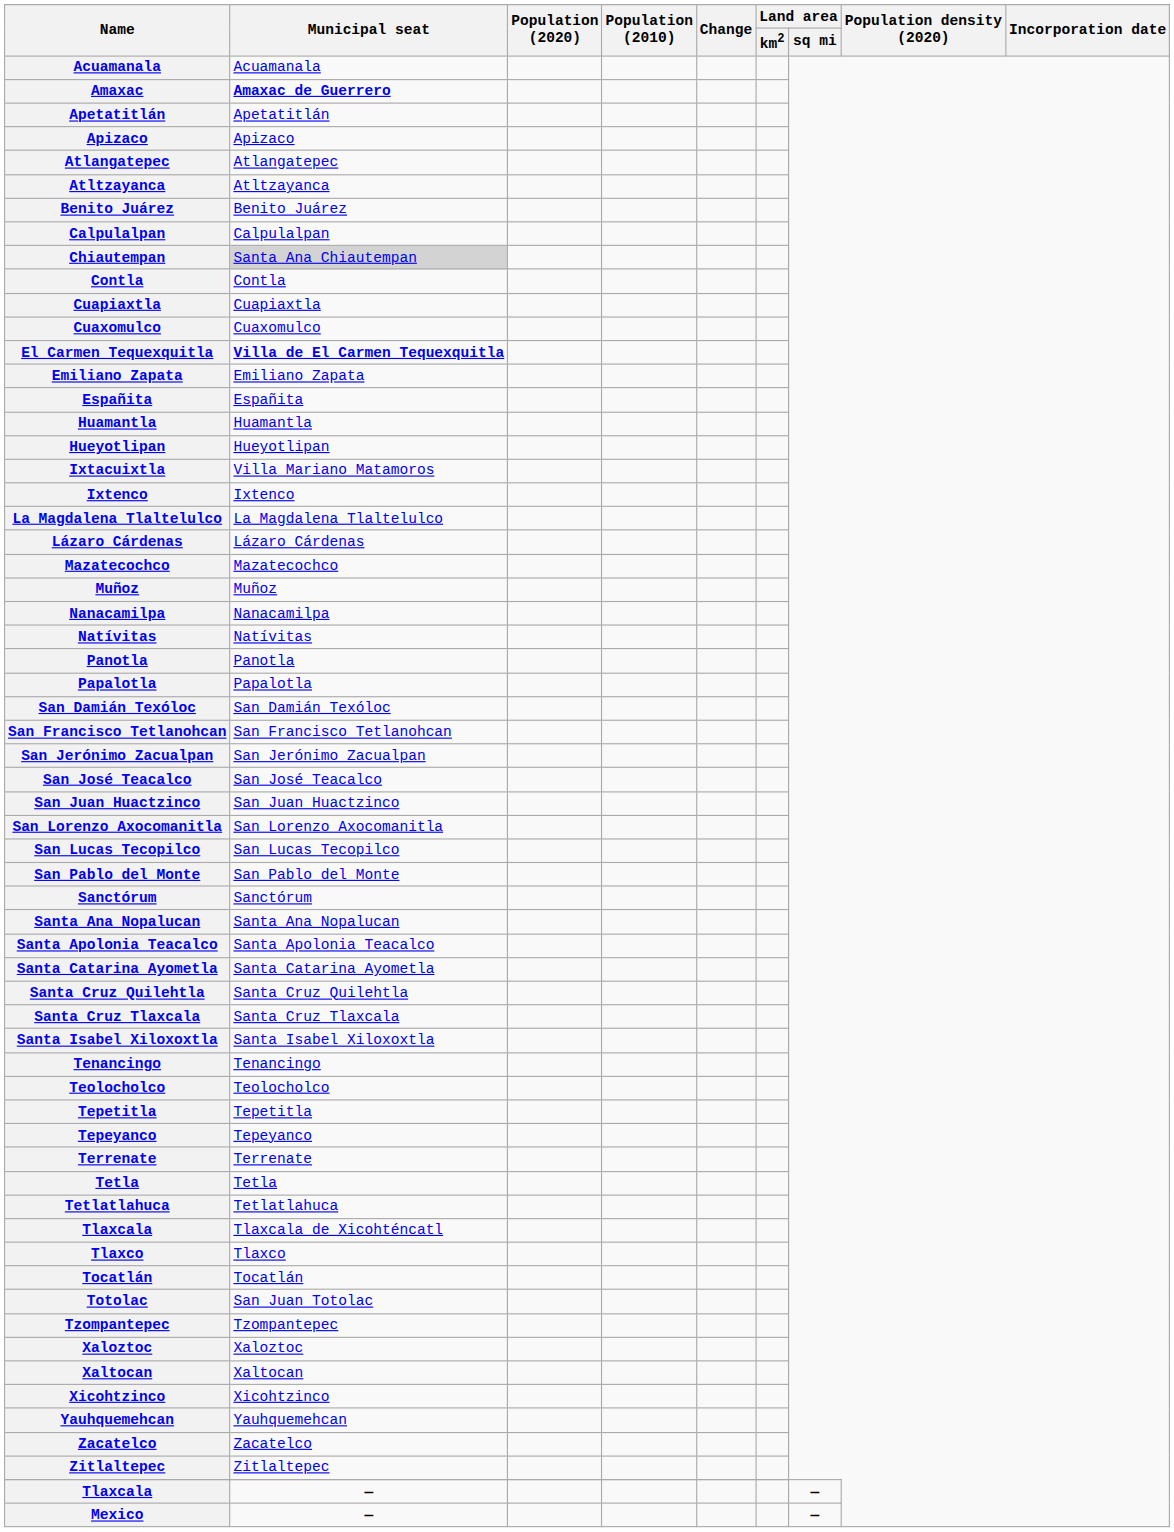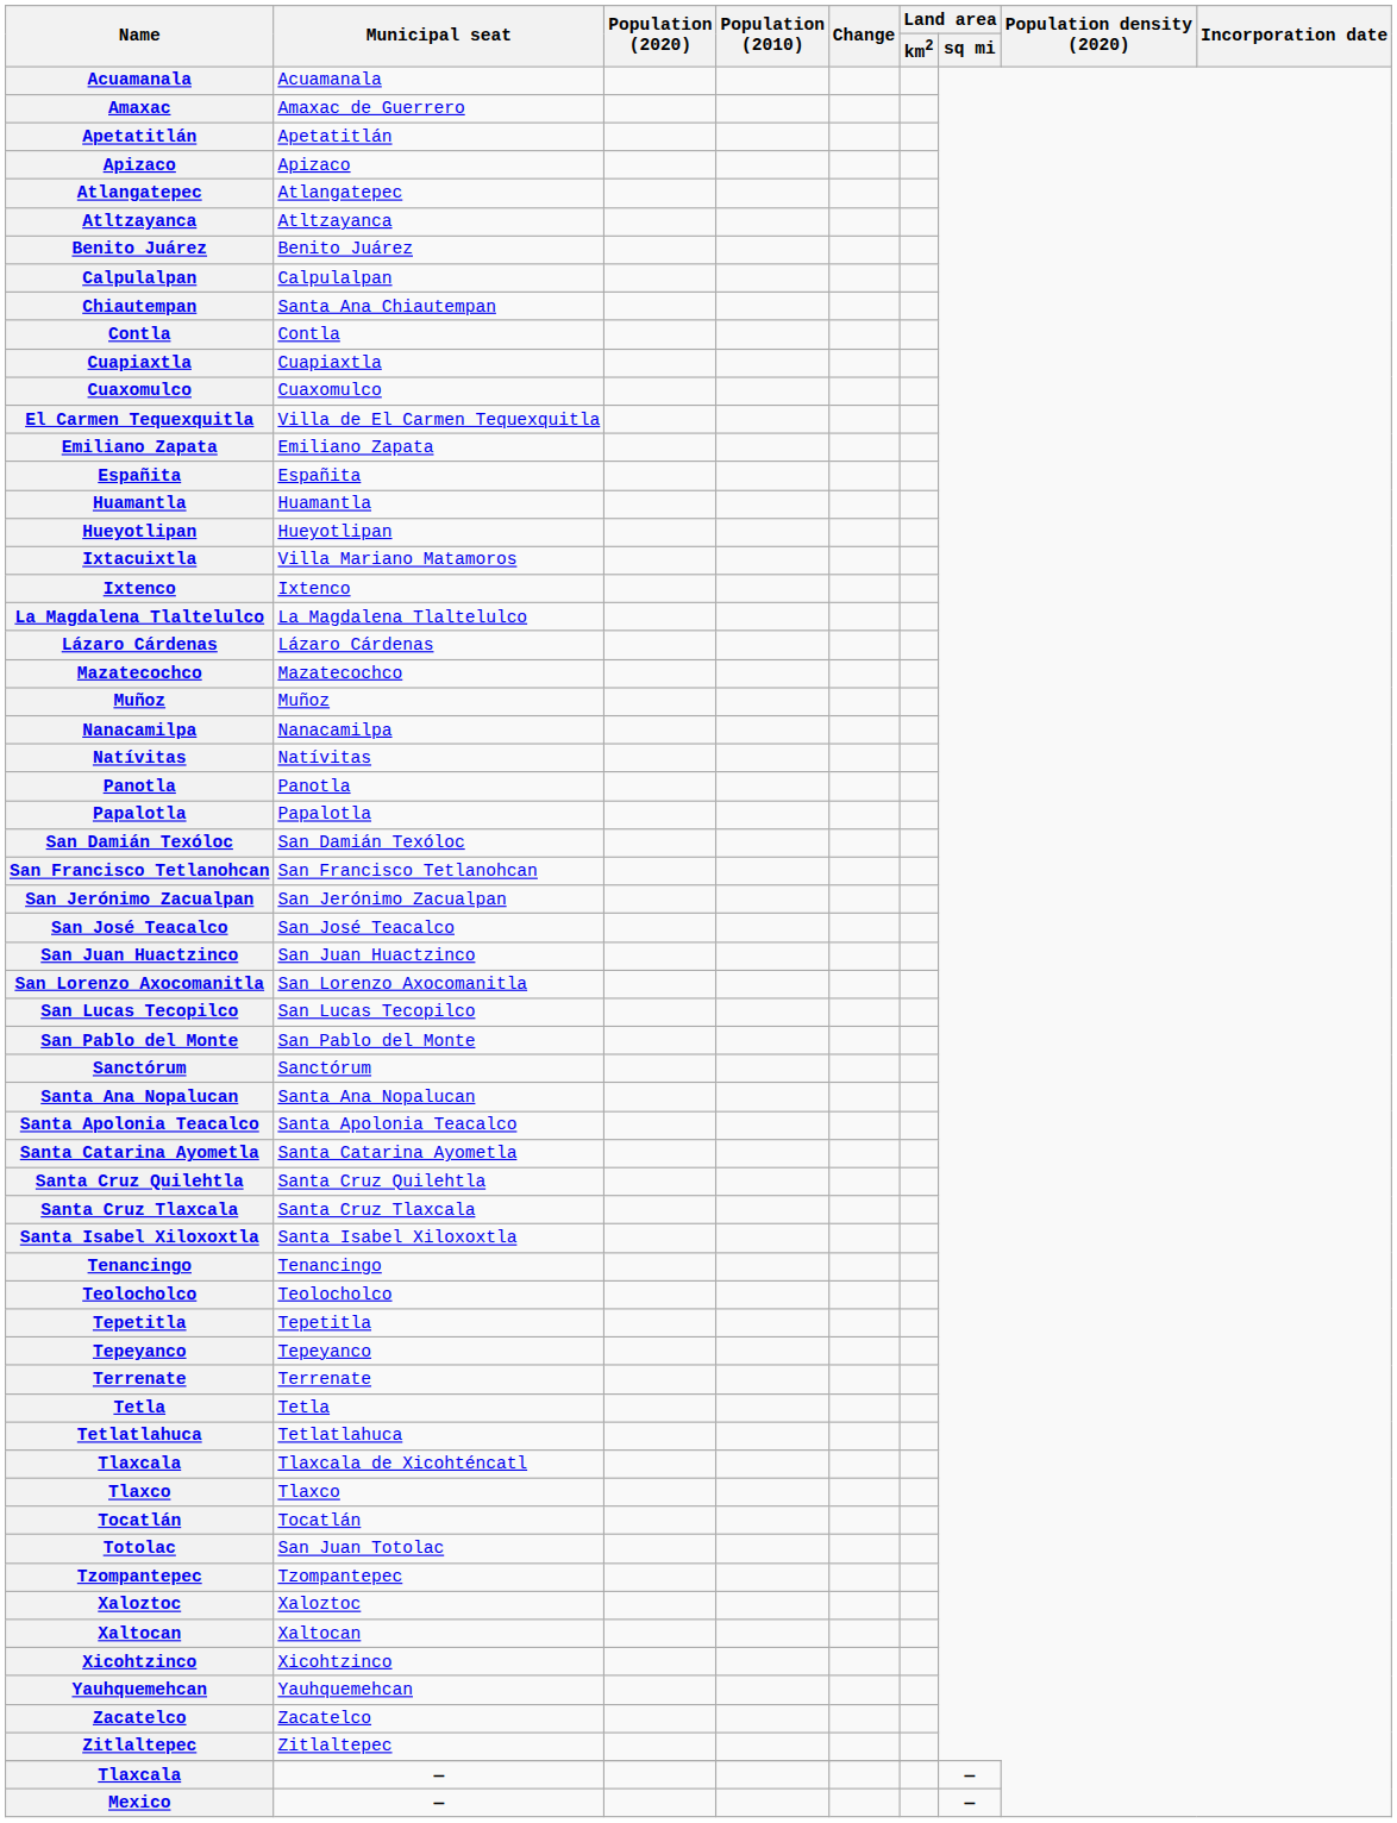 <table class="wikitable sortable" style="text-align:right;">
 <tr>
 </tr>
 <tr>
 <th scope="col"  rowspan=2>Name</th>
 <th scope="col"  rowspan=2>Municipal seat</th>
 <th scope="col"  rowspan=2>Population<br>(2020)</th>
 <th scope="col"  rowspan=2>Population<br>(2010)</th>
 <th scope="col"  rowspan=2>Change</th>
 <th scope="col" data-sort-type="number"  colspan=2>Land area</th>
 <th scope="col" data-sort-type="number"  rowspan=2>Population density<br>(2020)</th>
 <th scope="col"  rowspan=2>Incorporation date</th>
 </tr>
 <tr>
 <th scope="col">km<sup>2</sup></th>
 <th scope="col">sq mi</th>
 </tr>
 <tr>
 <th scope="row" align="left"><a href='#'>Acuamanala</a></th>
 <td align=left><a href='#'>Acuamanala</a></td>
 <td></td>
 <td></td>
 <td></td>
 <td></td>
 </tr>
 <tr>
 <th scope="row" align="left"><a href='#'>Amaxac</a></th>
-<td align=left><strong><a href='#'>Amaxac de Guerrero</a></strong></td>
+<td align=left><a href='#'>Amaxac de Guerrero</a></td>
 <td></td>
 <td></td>
 <td></td>
 <td></td>
 </tr>
 <tr>
 <th scope="row" align="left"><a href='#'>Apetatitlán</a></th>
 <td align=left><a href='#'>Apetatitlán</a></td>
 <td></td>
 <td></td>
 <td></td>
 <td></td>
 </tr>
 <tr>
 <th scope="row" align="left"><a href='#'>Apizaco</a></th>
 <td align=left><a href='#'>Apizaco</a></td>
 <td></td>
 <td></td>
 <td></td>
 <td></td>
 </tr>
 <tr>
 <th scope="row" align="left"><a href='#'>Atlangatepec</a></th>
 <td align=left><a href='#'>Atlangatepec</a></td>
 <td></td>
 <td></td>
 <td></td>
 <td></td>
 </tr>
 <tr>
 <th scope="row" align="left"><a href='#'>Atltzayanca</a></th>
 <td align=left><a href='#'>Atltzayanca</a></td>
 <td></td>
 <td></td>
 <td></td>
 <td></td>
 </tr>
 <tr>
 <th scope="row" align="left"><a href='#'>Benito Juárez</a></th>
 <td align=left><a href='#'>Benito Juárez</a></td>
 <td></td>
 <td></td>
 <td></td>
 <td></td>
 </tr>
 <tr>
 <th scope="row" align="left"><a href='#'>Calpulalpan</a></th>
 <td align=left><a href='#'>Calpulalpan</a></td>
 <td></td>
 <td></td>
 <td></td>
 <td></td>
 </tr>
 <tr>
 <th scope="row" align="left"><a href='#'>Chiautempan</a></th>
-<td align=left style="background: lightgrey;"><a href='#'>Santa Ana Chiautempan</a></td>
+<td align=left><a href='#'>Santa Ana Chiautempan</a></td>
 <td></td>
 <td></td>
 <td></td>
 <td></td>
 </tr>
 <tr>
 <th scope="row" align="left"><a href='#'>Contla</a></th>
 <td align=left><a href='#'>Contla</a></td>
 <td></td>
 <td></td>
 <td></td>
 <td></td>
 </tr>
 <tr>
 <th scope="row" align="left"><a href='#'>Cuapiaxtla</a></th>
 <td align=left><a href='#'>Cuapiaxtla</a></td>
 <td></td>
 <td></td>
 <td></td>
 <td></td>
 </tr>
 <tr>
 <th scope="row" align="left"><a href='#'>Cuaxomulco</a></th>
 <td align=left><a href='#'>Cuaxomulco</a></td>
 <td></td>
 <td></td>
 <td></td>
 <td></td>
 </tr>
 <tr>
 <th scope="row" align="left"><a href='#'>El Carmen Tequexquitla</a></th>
-<td align=left><strong><a href='#'>Villa de El Carmen Tequexquitla</a></strong></td>
+<td align=left><a href='#'>Villa de El Carmen Tequexquitla</a></td>
 <td></td>
 <td></td>
 <td></td>
 <td></td>
 </tr>
 <tr>
 <th scope="row" align="left"><a href='#'>Emiliano Zapata</a></th>
 <td align=left><a href='#'>Emiliano Zapata</a></td>
 <td></td>
 <td></td>
 <td></td>
 <td></td>
 </tr>
 <tr>
 <th scope="row" align="left"><a href='#'>Españita</a></th>
 <td align=left><a href='#'>Españita</a></td>
 <td></td>
 <td></td>
 <td></td>
 <td></td>
 </tr>
 <tr>
 <th scope="row" align="left"><a href='#'>Huamantla</a></th>
 <td align=left><a href='#'>Huamantla</a></td>
 <td></td>
 <td></td>
 <td></td>
 <td></td>
 </tr>
 <tr>
 <th scope="row" align="left"><a href='#'>Hueyotlipan</a></th>
 <td align=left><a href='#'>Hueyotlipan</a></td>
 <td></td>
 <td></td>
 <td></td>
 <td></td>
 </tr>
 <tr>
 <th scope="row" align="left"><a href='#'>Ixtacuixtla</a></th>
 <td align=left><a href='#'>Villa Mariano Matamoros</a></td>
 <td></td>
 <td></td>
 <td></td>
 <td></td>
 </tr>
 <tr>
 <th scope="row" align="left"><a href='#'>Ixtenco</a></th>
 <td align=left><a href='#'>Ixtenco</a></td>
 <td></td>
 <td></td>
 <td></td>
 <td></td>
 </tr>
 <tr>
 <th scope="row" align="left"><a href='#'>La Magdalena Tlaltelulco</a></th>
 <td align=left><a href='#'>La Magdalena Tlaltelulco</a></td>
 <td></td>
 <td></td>
 <td></td>
 <td></td>
 </tr>
 <tr>
 <th scope="row" align="left"><a href='#'>Lázaro Cárdenas</a></th>
 <td align=left><a href='#'>Lázaro Cárdenas</a></td>
 <td></td>
 <td></td>
 <td></td>
 <td></td>
 </tr>
 <tr>
 <th scope="row" align="left"><a href='#'>Mazatecochco</a></th>
 <td align=left><a href='#'>Mazatecochco</a></td>
 <td></td>
 <td></td>
 <td></td>
 <td></td>
 </tr>
 <tr>
 <th scope="row" align="left"><a href='#'>Muñoz</a></th>
 <td align=left><a href='#'>Muñoz</a></td>
 <td></td>
 <td></td>
 <td></td>
 <td></td>
 </tr>
 <tr>
 <th scope="row" align="left"><a href='#'>Nanacamilpa</a></th>
 <td align=left><a href='#'>Nanacamilpa</a></td>
 <td></td>
 <td></td>
 <td></td>
 <td></td>
 </tr>
 <tr>
 <th scope="row" align="left"><a href='#'>Natívitas</a></th>
 <td align=left><a href='#'>Natívitas</a></td>
 <td></td>
 <td></td>
 <td></td>
 <td></td>
 </tr>
 <tr>
 <th scope="row" align="left"><a href='#'>Panotla</a></th>
 <td align=left><a href='#'>Panotla</a></td>
 <td></td>
 <td></td>
 <td></td>
 <td></td>
 </tr>
 <tr>
 <th scope="row" align="left"><a href='#'>Papalotla</a></th>
 <td align=left><a href='#'>Papalotla</a></td>
 <td></td>
 <td></td>
 <td></td>
 <td></td>
 </tr>
 <tr>
 <th scope="row" align="left"><a href='#'>San Damián Texóloc</a></th>
 <td align=left><a href='#'>San Damián Texóloc</a></td>
 <td></td>
 <td></td>
 <td></td>
 <td></td>
 </tr>
 <tr>
 <th scope="row" align="left"><a href='#'>San Francisco Tetlanohcan</a></th>
 <td align=left><a href='#'>San Francisco Tetlanohcan</a></td>
 <td></td>
 <td></td>
 <td></td>
 <td></td>
 </tr>
 <tr>
 <th scope="row" align="left"><a href='#'>San Jerónimo Zacualpan</a></th>
 <td align=left><a href='#'>San Jerónimo Zacualpan</a></td>
 <td></td>
 <td></td>
 <td></td>
 <td></td>
 </tr>
 <tr>
 <th scope="row" align="left"><a href='#'>San José Teacalco</a></th>
 <td align=left><a href='#'>San José Teacalco</a></td>
 <td></td>
 <td></td>
 <td></td>
 <td></td>
 </tr>
 <tr>
 <th scope="row" align="left"><a href='#'>San Juan Huactzinco</a></th>
 <td align=left><a href='#'>San Juan Huactzinco</a></td>
 <td></td>
 <td></td>
 <td></td>
 <td></td>
 </tr>
 <tr>
 <th scope="row" align="left"><a href='#'>San Lorenzo Axocomanitla</a></th>
 <td align=left><a href='#'>San Lorenzo Axocomanitla</a></td>
 <td></td>
 <td></td>
 <td></td>
 <td></td>
 </tr>
 <tr>
 <th scope="row" align="left"><a href='#'>San Lucas Tecopilco</a></th>
 <td align=left><a href='#'>San Lucas Tecopilco</a></td>
 <td></td>
 <td></td>
 <td></td>
 <td></td>
 </tr>
 <tr>
 <th scope="row" align="left"><a href='#'>San Pablo del Monte</a></th>
 <td align=left><a href='#'>San Pablo del Monte</a></td>
 <td></td>
 <td></td>
 <td></td>
 <td></td>
 </tr>
 <tr>
 <th scope="row" align="left"><a href='#'>Sanctórum</a></th>
 <td align=left><a href='#'>Sanctórum</a></td>
 <td></td>
 <td></td>
 <td></td>
 <td></td>
 </tr>
 <tr>
 <th scope="row" align="left"><a href='#'>Santa Ana Nopalucan</a></th>
 <td align=left><a href='#'>Santa Ana Nopalucan</a></td>
 <td></td>
 <td></td>
 <td></td>
 <td></td>
 </tr>
 <tr>
 <th scope="row" align="left"><a href='#'>Santa Apolonia Teacalco</a></th>
 <td align=left><a href='#'>Santa Apolonia Teacalco</a></td>
 <td></td>
 <td></td>
 <td></td>
 <td></td>
 </tr>
 <tr>
 <th scope="row" align="left"><a href='#'>Santa Catarina Ayometla</a></th>
 <td align=left><a href='#'>Santa Catarina Ayometla</a></td>
 <td></td>
 <td></td>
 <td></td>
 <td></td>
 </tr>
 <tr>
 <th scope="row" align="left"><a href='#'>Santa Cruz Quilehtla</a></th>
 <td align=left><a href='#'>Santa Cruz Quilehtla</a></td>
 <td></td>
 <td></td>
 <td></td>
 <td></td>
 </tr>
 <tr>
 <th scope="row" align="left"><a href='#'>Santa Cruz Tlaxcala</a></th>
 <td align=left><a href='#'>Santa Cruz Tlaxcala</a></td>
 <td></td>
 <td></td>
 <td></td>
 <td></td>
 </tr>
 <tr>
 <th scope="row" align="left"><a href='#'>Santa Isabel Xiloxoxtla</a></th>
 <td align=left><a href='#'>Santa Isabel Xiloxoxtla</a></td>
 <td></td>
 <td></td>
 <td></td>
 <td></td>
 </tr>
 <tr>
 <th scope="row" align="left"><a href='#'>Tenancingo</a></th>
 <td align=left><a href='#'>Tenancingo</a></td>
 <td></td>
 <td></td>
 <td></td>
 <td></td>
 </tr>
 <tr>
 <th scope="row" align="left"><a href='#'>Teolocholco</a></th>
 <td align=left><a href='#'>Teolocholco</a></td>
 <td></td>
 <td></td>
 <td></td>
 <td></td>
 </tr>
 <tr>
 <th scope="row" align="left"><a href='#'>Tepetitla</a></th>
 <td align=left><a href='#'>Tepetitla</a></td>
 <td></td>
 <td></td>
 <td></td>
 <td></td>
 </tr>
 <tr>
 <th scope="row" align="left"><a href='#'>Tepeyanco</a></th>
 <td align=left><a href='#'>Tepeyanco</a></td>
 <td></td>
 <td></td>
 <td></td>
 <td></td>
 </tr>
 <tr>
 <th scope="row" align="left"><a href='#'>Terrenate</a></th>
 <td align=left><a href='#'>Terrenate</a></td>
 <td></td>
 <td></td>
 <td></td>
 <td></td>
 </tr>
 <tr>
 <th scope="row" align="left"><a href='#'>Tetla</a></th>
 <td align=left><a href='#'>Tetla</a></td>
 <td></td>
 <td></td>
 <td></td>
 <td></td>
 </tr>
 <tr>
 <th scope="row" align="left"><a href='#'>Tetlatlahuca</a></th>
 <td align=left><a href='#'>Tetlatlahuca</a></td>
 <td></td>
 <td></td>
 <td></td>
 <td></td>
 </tr>
 <tr>
 <th scope="row" align="left"><a href='#'>Tlaxcala</a></th>
 <td align=left><a href='#'>Tlaxcala de Xicohténcatl</a></td>
 <td></td>
 <td></td>
 <td></td>
 <td></td>
 </tr>
 <tr>
 <th scope="row" align="left"><a href='#'>Tlaxco</a></th>
 <td align=left><a href='#'>Tlaxco</a></td>
 <td></td>
 <td></td>
 <td></td>
 <td></td>
 </tr>
 <tr>
 <th scope="row" align="left"><a href='#'>Tocatlán</a></th>
 <td align=left><a href='#'>Tocatlán</a></td>
 <td></td>
 <td></td>
 <td></td>
 <td></td>
 </tr>
 <tr>
 <th scope="row" align="left"><a href='#'>Totolac</a></th>
 <td align=left><a href='#'>San Juan Totolac</a></td>
 <td></td>
 <td></td>
 <td></td>
 <td></td>
 </tr>
 <tr>
 <th scope="row" align="left"><a href='#'>Tzompantepec</a></th>
 <td align=left><a href='#'>Tzompantepec</a></td>
 <td></td>
 <td></td>
 <td></td>
 <td></td>
 </tr>
 <tr>
 <th scope="row" align="left"><a href='#'>Xaloztoc</a></th>
 <td align=left><a href='#'>Xaloztoc</a></td>
 <td></td>
 <td></td>
 <td></td>
 <td></td>
 </tr>
 <tr>
 <th scope="row" align="left"><a href='#'>Xaltocan</a></th>
 <td align=left><a href='#'>Xaltocan</a></td>
 <td></td>
 <td></td>
 <td></td>
 <td></td>
 </tr>
 <tr>
 <th scope="row" align="left"><a href='#'>Xicohtzinco</a></th>
 <td align=left><a href='#'>Xicohtzinco</a></td>
 <td></td>
 <td></td>
 <td></td>
 <td></td>
 </tr>
 <tr>
 <th scope="row" align="left"><a href='#'>Yauhquemehcan</a></th>
 <td align=left><a href='#'>Yauhquemehcan</a></td>
 <td></td>
 <td></td>
 <td></td>
 <td></td>
 </tr>
 <tr>
 <th scope="row" align="left"><a href='#'>Zacatelco</a></th>
 <td align=left><a href='#'>Zacatelco</a></td>
 <td></td>
 <td></td>
 <td></td>
 <td></td>
 </tr>
 <tr>
 <th scope="row" align="left"><a href='#'>Zitlaltepec</a></th>
 <td align=left><a href='#'>Zitlaltepec</a></td>
 <td></td>
 <td></td>
 <td></td>
 <td></td>
 </tr>
 <tr>
 </tr>
 <tr class="sortbottom" style="text-align:center;" style="background: #f2f2f2;">
 <th scope="row" align="left"><strong><a href='#'>Tlaxcala</a></strong></th>
 <td><strong>—</strong></td>
 <td></td>
 <td><strong></strong></td>
 <td><strong></strong></td>
 <td align="right"><strong></strong></td>
 <td><strong>—</strong></td>
 </tr>
 <tr class="sortbottom" style="text-align:center;" style="background: #f2f2f2;">
 <th scope="row" align="left"><strong><a href='#'>Mexico</a></strong></th>
 <td><strong>—</strong></td>
 <td></td>
 <td><strong></strong></td>
 <td><strong></strong></td>
 <td align="right"><strong></strong></td>
 <td><strong>—</strong></td>
 </tr>
 </table>
